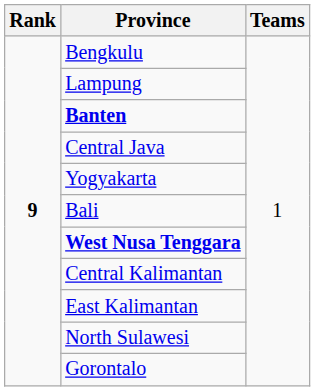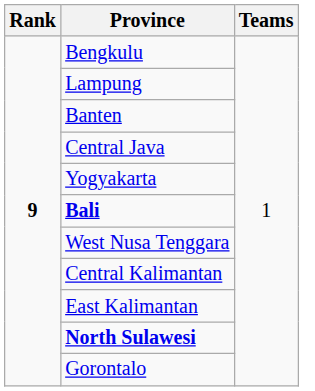 <table class="wikitable">
 <tr>
 <th>Rank</th>
 <th>Province</th>
 <th>Teams</th>
 </tr>
 <tr>
 <td align=center rowspan=11><strong>9</strong></td>
 <td><a href='#'>Bengkulu</a></td>
 <td align=center rowspan=11>1</td>
 </tr>
 <tr>
 <td><a href='#'>Lampung</a></td>
 </tr>
 <tr>
-<td><strong><a href='#'>Banten</a></strong></td>
+<td><a href='#'>Banten</a></td>
 </tr>
 <tr>
 <td><a href='#'>Central Java</a></td>
 </tr>
 <tr>
 <td><a href='#'>Yogyakarta</a></td>
 </tr>
 <tr>
-<td><a href='#'>Bali</a></td>
+<td><strong><a href='#'>Bali</a></strong></td>
 </tr>
 <tr>
-<td><strong><a href='#'>West Nusa Tenggara</a></strong></td>
+<td><a href='#'>West Nusa Tenggara</a></td>
 </tr>
 <tr>
 <td><a href='#'>Central Kalimantan</a></td>
 </tr>
 <tr>
 <td><a href='#'>East Kalimantan</a></td>
 </tr>
 <tr>
-<td><a href='#'>North Sulawesi</a></td>
+<td><strong><a href='#'>North Sulawesi</a></strong></td>
 </tr>
 <tr>
 <td><a href='#'>Gorontalo</a></td>
 </tr>
 </table>
